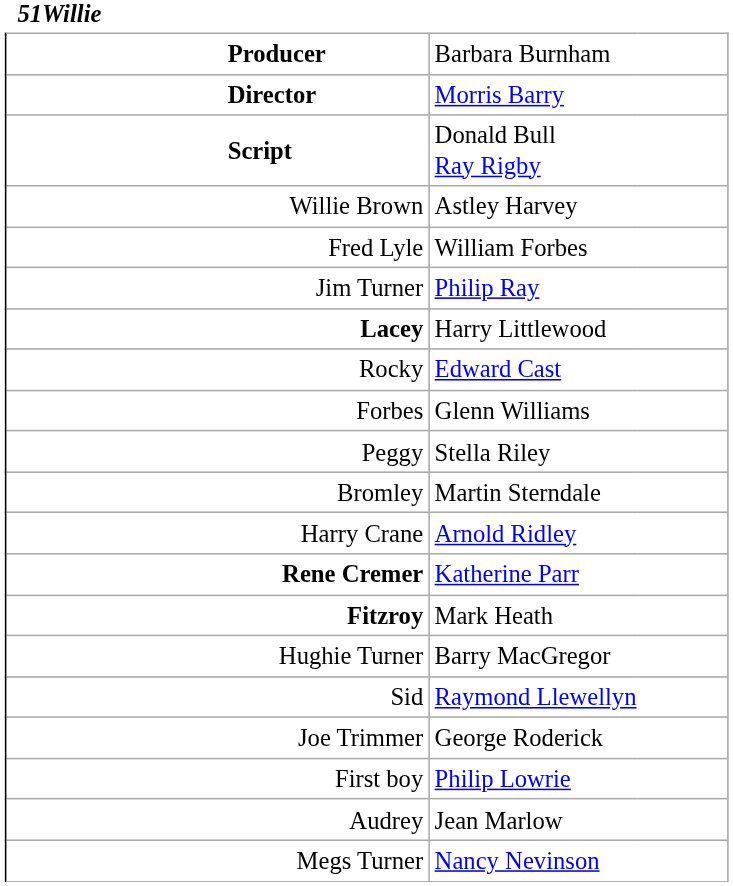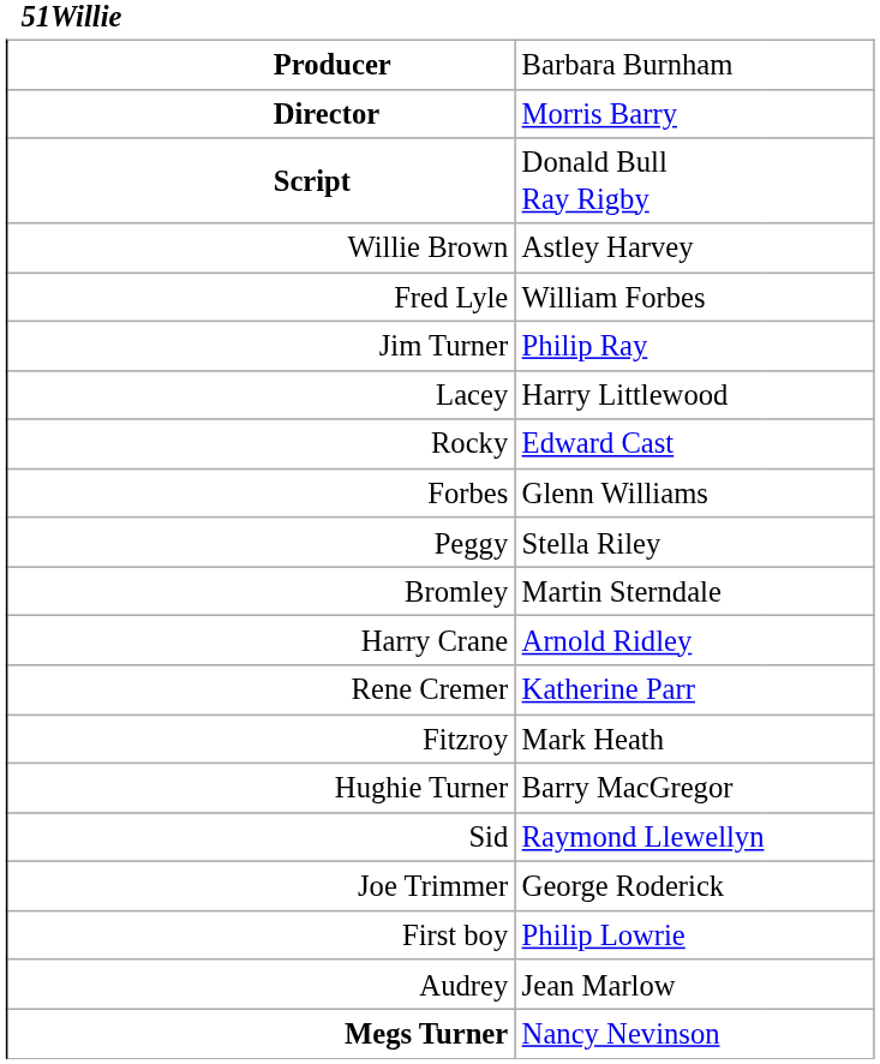 <table class="wikitable mw-collapsible mw-collapsed" style="vertical-align:top;margin:auto 2em;line-height:1.2;min-width:33em;display: inline-table;background-color:inherit;border:none;">
 <tr>
 <td class=unsortable style="border:hidden;line-height:1.67;text-align:center;margin-left:-1em;padding-left:0.5em;min-width:1.0em;"></td>
 <td class=unsortable style="border:none;padding-left:0.5em;text-align:left;min-width:16.5em;font-weight:700;font-style:italic;">51Willie</td>
 <td class=unsortable style="border:none;text-align:right;font-weight:normal;font-family:Courier;font-size:95%;letter-spacing:-1pt;min-width:8.5em;padding-right:0.2em;"></td>
 <td class=unsortable style="border:hidden;min-width:3.5em;padding-left:0;"></td>
 <td class=unsortable style="border:hidden;min-width:3.5em;font-size:95%;"></td>
 </tr>
 <tr>
 <td rowspan=100 style="border:none thin;border-right-style :solid;"></td>
 </tr>
 <tr>
 <td style="text-align:left;padding-left:9.0em;font-weight:bold;">Producer</td>
 <td colspan=2>Barbara Burnham</td>
 </tr>
 <tr>
 <td style="text-align:left;padding-left:9.0em;font-weight:bold;">Director</td>
 <td colspan=2><a href='#'>Morris Barry</a></td>
 </tr>
 <tr>
 <td style="text-align:left;padding-left:9.0em;font-weight:bold;">Script</td>
 <td colspan=2>Donald Bull<br><a href='#'>Ray Rigby</a></td>
 </tr>
 <tr>
 <td style="text-align:right;">Willie Brown</td>
 <td colspan=2>Astley Harvey</td>
 </tr>
 <tr>
 <td style="text-align:right;">Fred Lyle</td>
 <td colspan=2>William Forbes</td>
 </tr>
 <tr>
 <td style="text-align:right;">Jim Turner</td>
 <td colspan=2><a href='#'>Philip Ray</a></td>
 </tr>
 <tr>
-<td style="text-align:right;"><strong>Lacey</strong></td>
+<td style="text-align:right;">Lacey</td>
 <td colspan=2>Harry Littlewood</td>
 </tr>
 <tr>
 <td style="text-align:right;">Rocky</td>
 <td colspan=2><a href='#'>Edward Cast</a></td>
 </tr>
 <tr>
 <td style="text-align:right;">Forbes</td>
 <td colspan=2>Glenn Williams</td>
 </tr>
 <tr>
 <td style="text-align:right;">Peggy</td>
 <td colspan=2>Stella Riley</td>
 </tr>
 <tr>
 <td style="text-align:right;">Bromley</td>
 <td colspan=2>Martin Sterndale</td>
 </tr>
 <tr>
 <td style="text-align:right;">Harry Crane</td>
 <td colspan=2><a href='#'>Arnold Ridley</a></td>
 </tr>
 <tr>
-<td style="text-align:right;"><strong>Rene Cremer</strong></td>
+<td style="text-align:right;">Rene Cremer</td>
 <td colspan=2><a href='#'>Katherine Parr</a></td>
 </tr>
 <tr>
-<td style="text-align:right;"><strong>Fitzroy</strong></td>
+<td style="text-align:right;">Fitzroy</td>
 <td colspan=2>Mark Heath</td>
 </tr>
 <tr>
 <td style="text-align:right;">Hughie Turner</td>
 <td colspan=2>Barry MacGregor</td>
 </tr>
 <tr>
 <td style="text-align:right;">Sid</td>
 <td colspan=2><a href='#'>Raymond Llewellyn</a></td>
 </tr>
 <tr>
 <td style="text-align:right;">Joe Trimmer</td>
 <td colspan=2>George Roderick</td>
 </tr>
 <tr>
 <td style="text-align:right;">First boy</td>
 <td colspan=2><a href='#'>Philip Lowrie</a></td>
 </tr>
 <tr>
 <td style="text-align:right;">Audrey</td>
 <td colspan=2>Jean Marlow</td>
 </tr>
 <tr>
-<td style="text-align:right;">Megs Turner</td>
+<td style="text-align:right;"><strong>Megs Turner</strong></td>
 <td colspan=2><a href='#'>Nancy Nevinson</a></td>
 </tr>
 </table>
